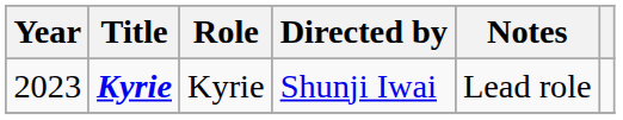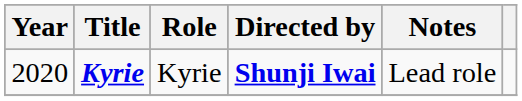 <table class="wikitable">
 <tr>
 <th scope="col">Year</th>
 <th scope="col">Title</th>
 <th scope="col">Role</th>
 <th scope="col">Directed by</th>
 <th scope="col">Notes</th>
 <th scope="col"></th>
 </tr>
 <tr>
-<td>2023</td>
+<td>2020</td>
 <td><strong><em><a href='#'>Kyrie</a></em></strong></td>
 <td>Kyrie</td>
-<td><a href='#'>Shunji Iwai</a></td>
+<td><strong><a href='#'>Shunji Iwai</a></strong></td>
 <td>Lead role</td>
 <td></td>
 </tr>
 <tr>
 </tr>
 </table>
